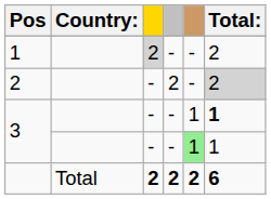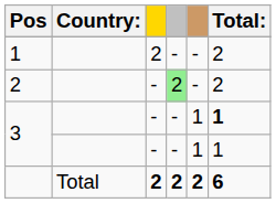 <table class="wikitable">
 <tr>
 <th>Pos</th>
 <th>Country:</th>
 <th style="background-color:gold"></th>
 <th style="background-color:silver"></th>
 <th style="background-color:#CC9966"></th>
 <th>Total:</th>
 </tr>
 <tr>
 </tr>
 <tr>
 <td>1</td>
 <td></td>
-<td style="background: lightgrey;">2</td>
+<td>2</td>
 <td>-</td>
 <td>-</td>
 <td>2</td>
 </tr>
 <tr>
 <td>2</td>
 <td></td>
 <td>-</td>
+<td style="background: lightgreen;">2</td>
+<td>-</td>
 <td>2</td>
-<td>-</td>
-<td style="background: lightgrey;">2</td>
 </tr>
 <tr>
 <td rowspan=2>3</td>
 <td></td>
 <td>-</td>
 <td>-</td>
 <td>1</td>
 <td><strong>1</strong></td>
 </tr>
 <tr>
 <td></td>
 <td>-</td>
 <td>-</td>
-<td style="background: lightgreen;">1</td>
+<td>1</td>
 <td>1</td>
 </tr>
 <tr>
 <td></td>
 <td>Total</td>
 <td><strong>2 </strong></td>
 <td><strong>2 </strong></td>
 <td><strong>2 </strong></td>
 <td><strong>6</strong></td>
 </tr>
 </table>
